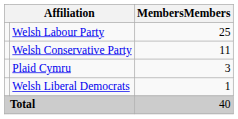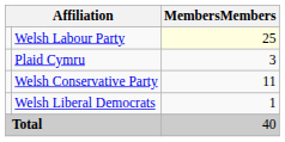 <table class="wikitable">
 <tr>
 <th colspan="2">Affiliation</th>
 <th>MembersMembers</th>
 </tr>
 <tr>
 <td style="color:inherit;background:"></td>
 <td><a href='#'>Welsh Labour Party</a></td>
-<td style="text-align:right;">25</td>
+<td style="background: lightyellow; text-align:right;">25</td>
+</tr>
+<tr>
+<td style="color:inherit;background:"></td>
+<td><a href='#'>Plaid Cymru</a></td>
+<td style="text-align:right;">3</td>
 </tr>
 <tr>
 <td style="color:inherit;background:"></td>
 <td><a href='#'>Welsh Conservative Party</a></td>
 <td style="text-align:right;">11</td>
-</tr>
-<tr>
-<td style="color:inherit;background:"></td>
-<td><a href='#'>Plaid Cymru</a></td>
-<td style="text-align:right;">3</td>
 </tr>
 <tr>
 <td style="color:inherit;background:"></td>
 <td><a href='#'>Welsh Liberal Democrats</a></td>
 <td style="text-align:right;">1</td>
 </tr>
 <tr style="background:#ccc;">
 <td colspan="2"> <strong>Total</strong></td>
 <td style="text-align:right;">40</td>
 </tr>
 </table>
